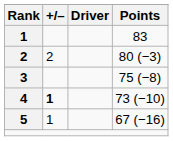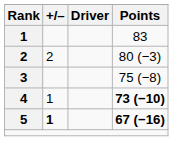 <table class="wikitable sortable" style="font-size: 95%;">
 <tr>
 </tr>
 <tr>
 <th scope="col">Rank</th>
 <th scope="col">+/–</th>
 <th scope="col">Driver</th>
 <th scope="col">Points</th>
 </tr>
 <tr>
 <th scope="row">1</th>
 <td align="left"></td>
 <td></td>
 <td align="center">83</td>
 </tr>
 <tr>
 <th scope="row">2</th>
 <td align="left"> 2</td>
 <td></td>
 <td align="center">80 (−3)</td>
 </tr>
 <tr>
 <th scope="row">3</th>
 <td align="left"></td>
 <td></td>
 <td align="center">75 (−8)</td>
 </tr>
 <tr>
 <th scope="row">4</th>
-<td align="left"><strong> 1</strong></td>
+<td align="left"> 1</td>
 <td></td>
-<td align="center">73 (−10)</td>
+<td align="center"><strong>73 (−10)</strong></td>
 </tr>
 <tr>
 <th scope="row">5</th>
-<td align="left"> 1</td>
+<td align="left"><strong> 1</strong></td>
 <td></td>
-<td align="center">67 (−16)</td>
+<td align="center"><strong>67 (−16)</strong></td>
 </tr>
 <tr class="sortbottom">
 <td colspan="9"></td>
 </tr>
 </table>
